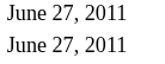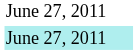 <table style="font-size:90%">
 <tr>
 <td width=100>June 27, 2011</td>
 <td width=150 align=right></td>
 <td width=100 align=center></td>
 <td width=150><strong></strong></td>
 </tr>
 <tr>
-<td width=100>June 27, 2011</td>
+<td width=100 style="background: paleturquoise;">June 27, 2011</td>
 <td width=150 align=right></td>
 <td width=100 align=center></td>
 <td width=150><strong></strong></td>
 </tr>
 </table>
